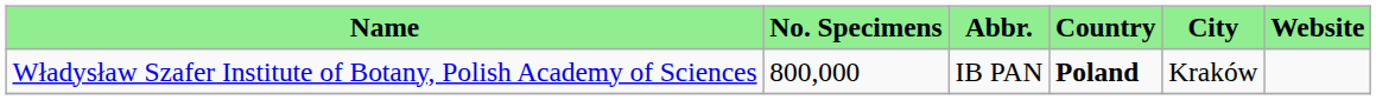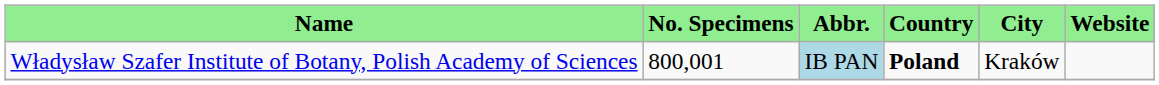 <table class="wikitable sortable" align="left" style="margin-left:1em">
 <tr>
 <th style="background:lightgreen" align="center">Name</th>
 <th style="background:lightgreen" align="center">No. Specimens</th>
 <th style="background:lightgreen" align="center">Abbr.</th>
 <th style="background:lightgreen" align="center">Country</th>
 <th style="background:lightgreen" align="center">City</th>
 <th style="background:lightgreen" align="center">Website</th>
 </tr>
 <tr>
 <td><a href='#'>Władysław Szafer Institute of Botany, Polish Academy of Sciences</a></td>
-<td>800,000</td>
-<td>IB PAN</td>
+<td>800,001</td>
+<td style="background: lightblue;">IB PAN</td>
 <td><strong>Poland</strong></td>
 <td>Kraków</td>
 <td></td>
 </tr>
 <tr>
 </tr>
 </table>
